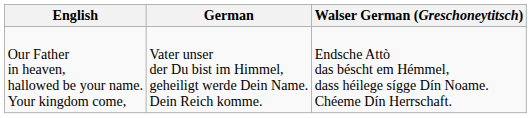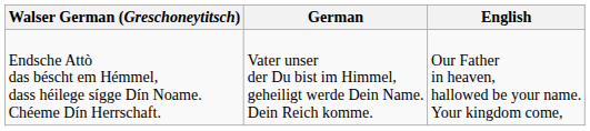 <table class="wikitable">
 <tr>
+<th>Walser German (<em>Greschoneytitsch</em>)</th>
+<th>German</th>
 <th>English</th>
-<th>German</th>
-<th>Walser German (<em>Greschoneytitsch</em>)</th>
 </tr>
 <tr>
+<td><br>Endsche Attò<br> das béscht em Hémmel,<br> dass héilege sígge Dín Noame.<br> Chéeme Dín Herrschaft.<br></td>
+<td><br>Vater unser<br> der Du bist im Himmel,<br> geheiligt werde Dein Name.<br> Dein Reich komme.</td>
 <td><br>Our Father<br> in heaven,<br> hallowed be your name.<br> Your kingdom come,</td>
-<td><br>Vater unser<br> der Du bist im Himmel,<br> geheiligt werde Dein Name.<br> Dein Reich komme.</td>
-<td><br>Endsche Attò<br> das béscht em Hémmel,<br> dass héilege sígge Dín Noame.<br> Chéeme Dín Herrschaft.<br></td>
 </tr>
 </table>
